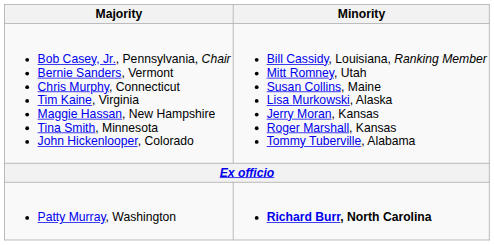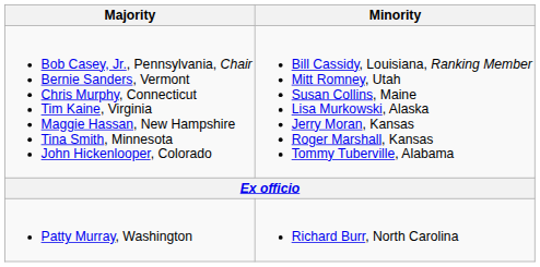 <table class="wikitable">
 <tr>
 <th>Majority</th>
 <th>Minority</th>
 </tr>
 <tr>
 <td><br><ul><li><a href='#'>Bob Casey, Jr.</a>, Pennsylvania, <em>Chair</em></li><li><span><a href='#'>Bernie Sanders</a>, Vermont</span></li><li><a href='#'>Chris Murphy</a>, Connecticut</li><li><a href='#'>Tim Kaine</a>, Virginia</li><li><a href='#'>Maggie Hassan</a>, New Hampshire</li><li><a href='#'>Tina Smith</a>, Minnesota</li><li><a href='#'>John Hickenlooper</a>, Colorado</li></ul></td>
 <td><br><ul><li><a href='#'>Bill Cassidy</a>, Louisiana, <em>Ranking Member</em></li><li><a href='#'>Mitt Romney</a>, Utah</li><li><a href='#'>Susan Collins</a>, Maine</li><li><a href='#'>Lisa Murkowski</a>, Alaska</li><li><a href='#'>Jerry Moran</a>, Kansas</li><li><a href='#'>Roger Marshall</a>, Kansas</li><li><a href='#'>Tommy Tuberville</a>, Alabama</li></ul></td>
 </tr>
 <tr>
 <th colspan="2"><em><a href='#'>Ex officio</a></em></th>
 </tr>
 <tr>
 <td><br><ul><li><a href='#'>Patty Murray</a>, Washington</li></ul></td>
-<td><strong><br><ul><li><a href='#'>Richard Burr</a>, North Carolina</li></ul></strong></td>
+<td><br><ul><li><a href='#'>Richard Burr</a>, North Carolina</li></ul></td>
 </tr>
 </table>
